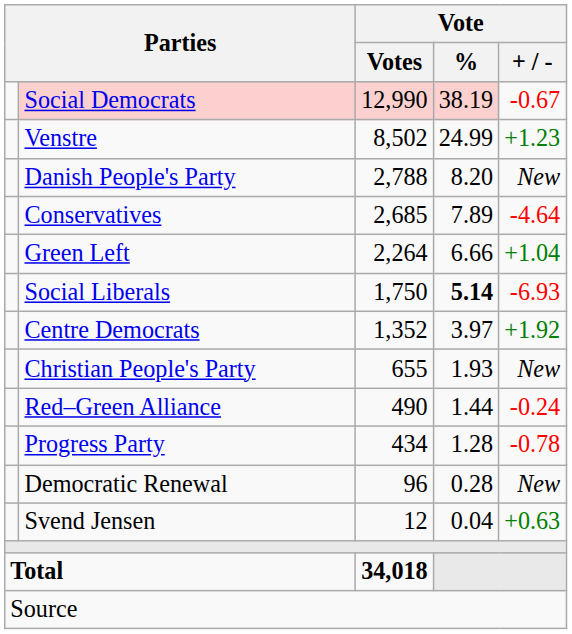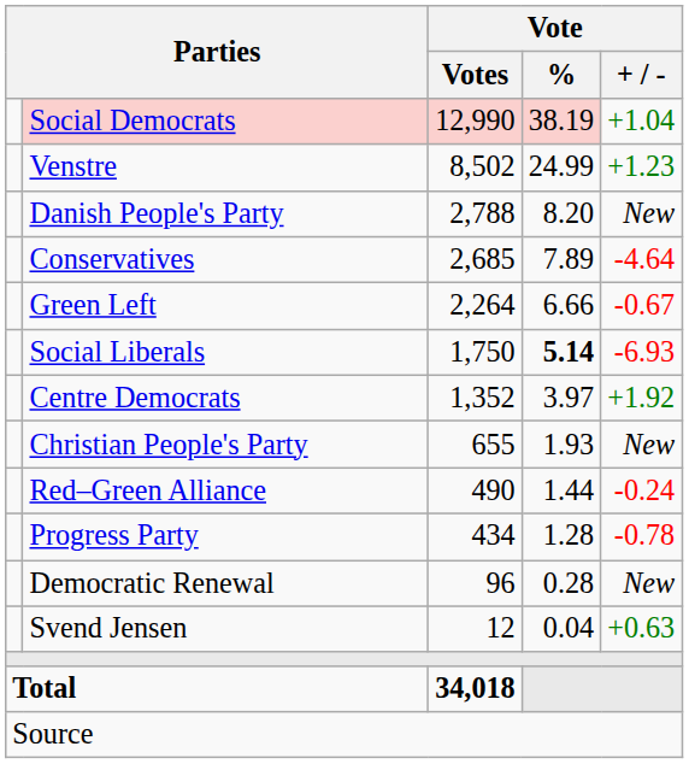 <table class="wikitable" style="text-align:right;">
 <tr>
 <th style="text-align:centre;" rowspan="2" colspan="2" width="225">Parties</th>
 <th colspan="3">Vote</th>
 </tr>
 <tr>
 <th width="15">Votes</th>
 <th width="15">%</th>
 <th width="15">+ / -</th>
 </tr>
 <tr>
 <td width="2" style="color:inherit;background:"></td>
 <td bgcolor=#fbd0ce  align="left"><a href='#'>Social Democrats</a></td>
 <td bgcolor=#fbd0ce>12,990</td>
 <td bgcolor=#fbd0ce>38.19</td>
-<td style=color:red;>-0.67</td>
+<td style=color:green;>+1.04</td>
 </tr>
 <tr>
 <td width="2" style="color:inherit;background:"></td>
 <td align="left"><a href='#'>Venstre</a></td>
 <td>8,502</td>
 <td>24.99</td>
 <td style=color:green;>+1.23</td>
 </tr>
 <tr>
 <td width="2" style="color:inherit;background:"></td>
 <td align="left"><a href='#'>Danish People's Party</a></td>
 <td>2,788</td>
 <td>8.20</td>
 <td><em>New</em></td>
 </tr>
 <tr>
 <td width="2" style="color:inherit;background:"></td>
 <td align="left"><a href='#'>Conservatives</a></td>
 <td>2,685</td>
 <td>7.89</td>
 <td style=color:red;>-4.64</td>
 </tr>
 <tr>
 <td width="2" style="color:inherit;background:"></td>
 <td align="left"><a href='#'>Green Left</a></td>
 <td>2,264</td>
 <td>6.66</td>
-<td style=color:green;>+1.04</td>
+<td style=color:red;>-0.67</td>
 </tr>
 <tr>
 <td width="2" style="color:inherit;background:"></td>
 <td align="left"><a href='#'>Social Liberals</a></td>
 <td>1,750</td>
 <td><strong>5.14</strong></td>
 <td style=color:red;>-6.93</td>
 </tr>
 <tr>
 <td width="2" style="color:inherit;background:"></td>
 <td align="left"><a href='#'>Centre Democrats</a></td>
 <td>1,352</td>
 <td>3.97</td>
 <td style=color:green;>+1.92</td>
 </tr>
 <tr>
 <td width="2" style="color:inherit;background:"></td>
 <td align="left"><a href='#'>Christian People's Party</a></td>
 <td>655</td>
 <td>1.93</td>
 <td><em>New</em></td>
 </tr>
 <tr>
 <td width="2" style="color:inherit;background:"></td>
 <td align="left"><a href='#'>Red–Green Alliance</a></td>
 <td>490</td>
 <td>1.44</td>
 <td style=color:red;>-0.24</td>
 </tr>
 <tr>
 <td width="2" style="color:inherit;background:"></td>
 <td align="left"><a href='#'>Progress Party</a></td>
 <td>434</td>
 <td>1.28</td>
 <td style=color:red;>-0.78</td>
 </tr>
 <tr>
 <td width="2" style="color:inherit;background:"></td>
 <td align="left">Democratic Renewal</td>
 <td>96</td>
 <td>0.28</td>
 <td><em>New</em></td>
 </tr>
 <tr>
 <td width="2" style="color:inherit;background:"></td>
 <td align="left">Svend Jensen</td>
 <td>12</td>
 <td>0.04</td>
 <td style=color:green;>+0.63</td>
 </tr>
 <tr>
 <td colspan="7" bgcolor="#E9E9E9"></td>
 </tr>
 <tr>
 <td align="left" colspan="2"><strong>Total</strong></td>
 <td><strong>34,018</strong></td>
 <td bgcolor="#E9E9E9" colspan="2"></td>
 </tr>
 <tr>
 <td align="left" colspan="6">Source</td>
 </tr>
 </table>
